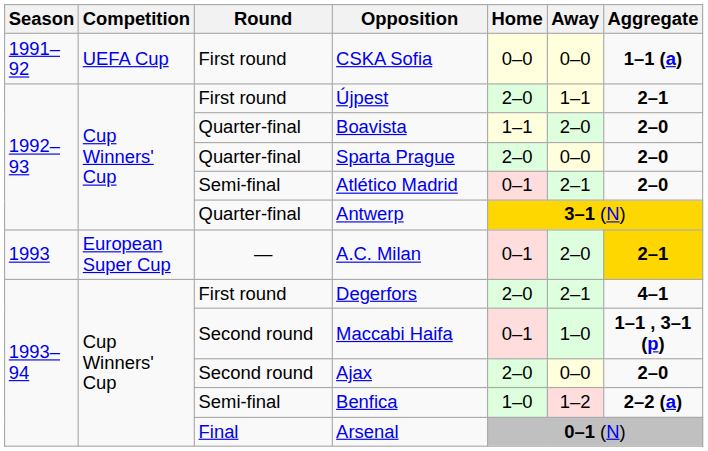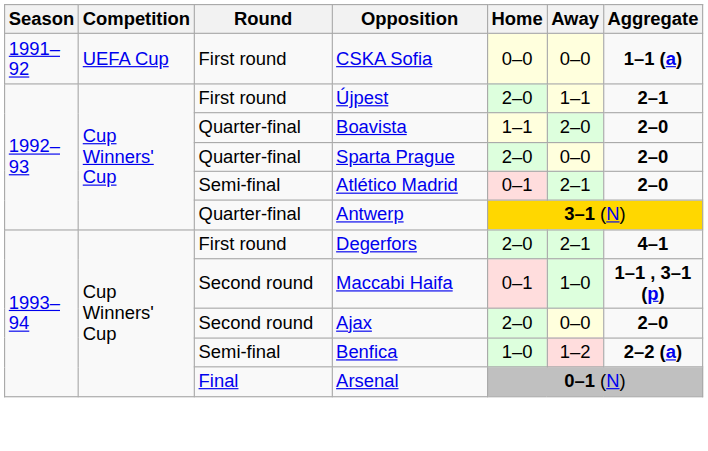 <table class="wikitable">
 <tr>
 <th>Season</th>
 <th>Competition</th>
 <th width=200>Round</th>
 <th width=200>Opposition</th>
 <th>Home</th>
 <th>Away</th>
 <th>Aggregate</th>
 </tr>
 <tr>
 <td rowspan="1"><a href='#'>1991–92</a></td>
 <td rowspan="1"><a href='#'>UEFA Cup</a></td>
 <td>First round</td>
 <td> <a href='#'>CSKA Sofia</a></td>
 <td style="text-align:center; background:#ffd;">0–0</td>
 <td style="text-align:center; background:#ffd;">0–0</td>
 <td style="text-align:center;"><strong>1–1 (<a href='#'>a</a>)</strong></td>
 </tr>
 <tr>
 <td rowspan="5"><a href='#'>1992–93</a></td>
 <td rowspan="5"><a href='#'>Cup Winners' Cup</a></td>
 <td>First round</td>
 <td> <a href='#'>Újpest</a></td>
 <td style="text-align:center; background:#dfd;">2–0</td>
 <td style="text-align:center; background:#ffd;">1–1</td>
 <td style="text-align:center;"><strong>2–1</strong></td>
 </tr>
 <tr>
 <td>Quarter-final</td>
 <td> <a href='#'>Boavista</a></td>
 <td style="text-align:center; background:#ffd;">1–1</td>
 <td style="text-align:center; background:#dfd;">2–0</td>
 <td style="text-align:center;"><strong>2–0</strong></td>
 </tr>
 <tr>
 <td>Quarter-final</td>
 <td> <a href='#'>Sparta Prague</a></td>
 <td style="text-align:center; background:#dfd;">2–0</td>
 <td style="text-align:center; background:#ffd;">0–0</td>
 <td style="text-align:center;"><strong>2–0</strong></td>
 </tr>
 <tr>
 <td>Semi-final</td>
 <td> <a href='#'>Atlético Madrid</a></td>
 <td style="text-align:center; background:#fdd;">0–1</td>
 <td style="text-align:center; background:#dfd;">2–1</td>
 <td style="text-align:center;"><strong>2–0</strong></td>
 </tr>
 <tr>
 <td>Quarter-final</td>
 <td> <a href='#'>Antwerp</a></td>
 <td bgcolor=Gold colspan="3" style="text-align:center;"><strong>3–1</strong> (<a href='#'>N</a>)</td>
 </tr>
 <tr>
-<td rowspan="1"><a href='#'>1993</a></td>
-<td rowspan="1"><a href='#'>European Super Cup</a></td>
-<td align="center">—</td>
-<td> <a href='#'>A.C. Milan</a></td>
-<td style="text-align:center; background:#fdd;">0–1</td>
-<td style="text-align:center; background:#dfd;">2–0 </td>
-<td bgcolor=Gold style="text-align:center;"><strong>2–1</strong></td>
-</tr>
-<tr>
 <td rowspan="5"><a href='#'>1993–94</a></td>
 <td rowspan="5">Cup Winners' Cup</td>
 <td>First round</td>
 <td> <a href='#'>Degerfors</a></td>
 <td style="text-align:center; background:#dfd;">2–0</td>
 <td style="text-align:center; background:#dfd;">2–1</td>
 <td style="text-align:center;"><strong>4–1</strong></td>
 </tr>
 <tr>
 <td>Second round</td>
 <td> <a href='#'>Maccabi Haifa</a></td>
 <td style="text-align:center; background:#fdd;">0–1</td>
 <td style="text-align:center; background:#dfd;">1–0</td>
 <td style="text-align:center;"><strong>1–1 , 3–1 (<a href='#'>p</a>)</strong></td>
 </tr>
 <tr>
 <td>Second round</td>
 <td> <a href='#'>Ajax</a></td>
 <td style="text-align:center; background:#dfd;">2–0</td>
 <td style="text-align:center; background:#ffd;">0–0</td>
 <td style="text-align:center;"><strong>2–0</strong></td>
 </tr>
 <tr>
 <td>Semi-final</td>
 <td> <a href='#'>Benfica</a></td>
 <td style="text-align:center; background:#dfd;">1–0</td>
 <td style="text-align:center; background:#fdd;">1–2</td>
 <td style="text-align:center;"><strong>2–2 (<a href='#'>a</a>)</strong></td>
 </tr>
 <tr>
 <td><a href='#'>Final</a></td>
 <td> <a href='#'>Arsenal</a></td>
 <td colspan=3 bgcolor=Silver style="text-align:center;"><strong>0–1</strong> (<a href='#'>N</a>)</td>
 </tr>
 </table>
